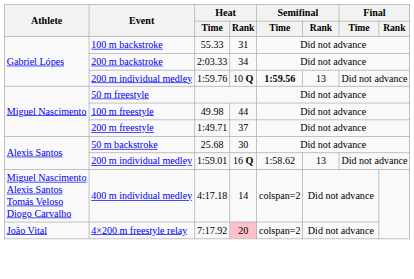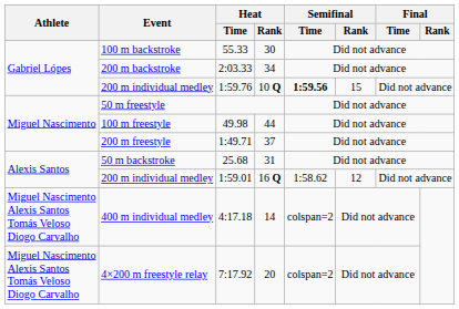 <table class="wikitable" style="text-align:center; font-size:90%">
 <tr>
 <th rowspan="2">Athlete</th>
 <th rowspan="2">Event</th>
 <th colspan="2">Heat</th>
 <th colspan="2">Semifinal</th>
 <th colspan="2">Final</th>
 </tr>
 <tr style="font-size:95%">
 <th>Time</th>
 <th>Rank</th>
 <th>Time</th>
 <th>Rank</th>
 <th>Time</th>
 <th>Rank</th>
 </tr>
 <tr>
 <td align=left rowspan=3><a href='#'>Gabriel Lópes</a></td>
 <td align=left><a href='#'>100 m backstroke</a></td>
 <td>55.33</td>
-<td>31</td>
+<td>30</td>
 <td colspan=4>Did not advance</td>
 </tr>
 <tr>
 <td align=left><a href='#'>200 m backstroke</a></td>
 <td>2:03.33</td>
 <td>34</td>
 <td colspan=4>Did not advance</td>
 </tr>
 <tr>
 <td align=left><a href='#'>200 m individual medley</a></td>
 <td>1:59.76</td>
 <td>10 <strong>Q</strong></td>
 <td><strong>1:59.56</strong></td>
-<td>13</td>
+<td>15</td>
 <td colspan=2>Did not advance</td>
 </tr>
 <tr>
 <td align=left rowspan=3><a href='#'>Miguel Nascimento</a></td>
 <td align=left><a href='#'>50 m freestyle</a></td>
 <td colspan=2></td>
 <td colspan=4>Did not advance</td>
 </tr>
 <tr>
 <td align=left><a href='#'>100 m freestyle</a></td>
 <td>49.98</td>
 <td>44</td>
 <td colspan=4>Did not advance</td>
 </tr>
 <tr>
 <td align=left><a href='#'>200 m freestyle</a></td>
 <td>1:49.71</td>
 <td>37</td>
 <td colspan=4>Did not advance</td>
 </tr>
 <tr>
 <td align=left rowspan=2><a href='#'>Alexis Santos</a></td>
 <td align=left><a href='#'>50 m backstroke</a></td>
 <td>25.68</td>
-<td>30</td>
+<td>31</td>
 <td colspan=4>Did not advance</td>
 </tr>
 <tr>
 <td align=left><a href='#'>200 m individual medley</a></td>
 <td>1:59.01</td>
 <td>16 <strong>Q</strong></td>
 <td>1:58.62</td>
-<td>13</td>
+<td>12</td>
 <td colspan=2>Did not advance</td>
 </tr>
 <tr>
 <td align=left><a href='#'>Miguel Nascimento</a><br><a href='#'>Alexis Santos</a><br><a href='#'>Tomás Veloso</a><br><a href='#'>Diogo Carvalho</a></td>
 <td align=left><a href='#'>400 m individual medley</a></td>
 <td>4:17.18</td>
 <td>14</td>
 <td>colspan=2 </td>
 <td colspan=2>Did not advance</td>
 </tr>
 <tr>
-<td align=left><a href='#'>João Vital</a></td>
+<td align=left><a href='#'>Miguel Nascimento</a><br><a href='#'>Alexis Santos</a><br><a href='#'>Tomás Veloso</a><br><a href='#'>Diogo Carvalho</a></td>
 <td align=left><a href='#'>4×200 m freestyle relay</a></td>
 <td>7:17.92</td>
-<td style="background: pink;">20</td>
+<td>20</td>
 <td>colspan=2 </td>
 <td colspan=2>Did not advance</td>
 </tr>
 </table>
